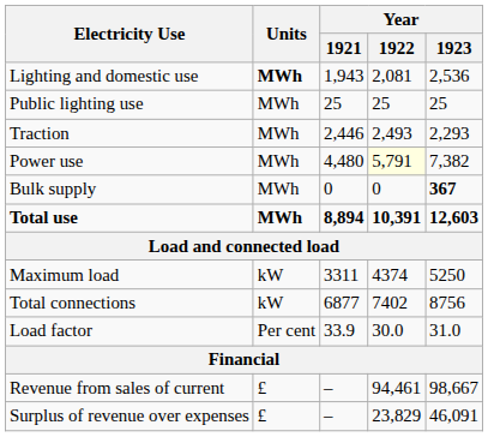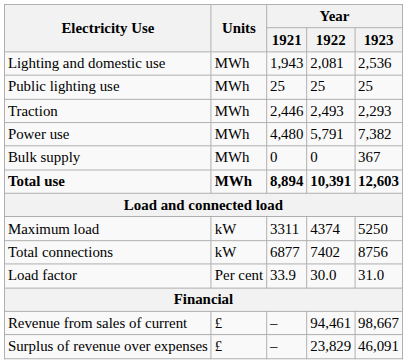 <table class="wikitable">
 <tr>
 <th rowspan="2">Electricity  Use</th>
 <th rowspan="2">Units</th>
 <th colspan="3">Year</th>
 </tr>
 <tr>
 <th>1921</th>
 <th>1922</th>
 <th>1923</th>
 </tr>
 <tr>
 <td>Lighting  and domestic use</td>
-<td><strong>MWh</strong></td>
+<td>MWh</td>
 <td>1,943</td>
 <td>2,081</td>
 <td>2,536</td>
 </tr>
 <tr>
 <td>Public  lighting use</td>
 <td>MWh</td>
 <td>25</td>
 <td>25</td>
 <td>25</td>
 </tr>
 <tr>
 <td>Traction</td>
 <td>MWh</td>
 <td>2,446</td>
 <td>2,493</td>
 <td>2,293</td>
 </tr>
 <tr>
 <td>Power  use</td>
 <td>MWh</td>
 <td>4,480</td>
-<td style="background: lightyellow;">5,791</td>
+<td>5,791</td>
 <td>7,382</td>
 </tr>
 <tr>
 <td>Bulk  supply</td>
 <td>MWh</td>
 <td>0</td>
 <td>0</td>
-<td><strong>367</strong></td>
+<td>367</td>
 </tr>
 <tr>
 <td><strong>Total  use</strong></td>
 <td><strong>MWh</strong></td>
 <td><strong>8,894</strong></td>
 <td><strong>10,391</strong></td>
 <td><strong>12,603</strong></td>
 </tr>
 <tr>
 <th colspan="5">Load  and connected load</th>
 </tr>
 <tr>
 <td>Maximum  load</td>
 <td>kW</td>
 <td>3311</td>
 <td>4374</td>
 <td>5250</td>
 </tr>
 <tr>
 <td>Total  connections</td>
 <td>kW</td>
 <td>6877</td>
 <td>7402</td>
 <td>8756</td>
 </tr>
 <tr>
 <td>Load  factor</td>
 <td>Per  cent</td>
 <td>33.9</td>
 <td>30.0</td>
 <td>31.0</td>
 </tr>
 <tr>
 <th colspan="5">Financial</th>
 </tr>
 <tr>
 <td>Revenue  from sales of current</td>
 <td>£</td>
 <td>–</td>
 <td>94,461</td>
 <td>98,667</td>
 </tr>
 <tr>
 <td>Surplus  of revenue over expenses</td>
 <td>£</td>
 <td>–</td>
 <td>23,829</td>
 <td>46,091</td>
 </tr>
 </table>
